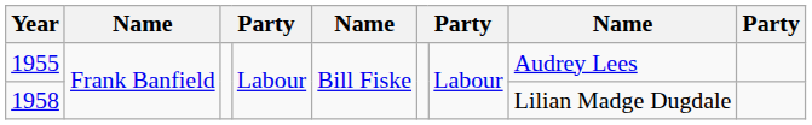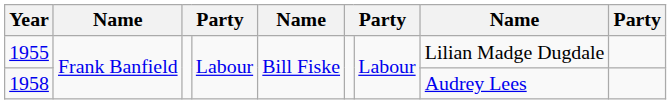 <table class="wikitable">
 <tr>
 <th>Year</th>
 <th>Name</th>
 <th colspan=2>Party</th>
 <th>Name</th>
 <th colspan=2>Party</th>
 <th>Name</th>
 <th colspan=2>Party</th>
 </tr>
 <tr>
 <td><a href='#'>1955</a></td>
 <td rowspan=2><a href='#'>Frank Banfield</a></td>
 <td rowspan=2 style="background-color: "></td>
 <td rowspan=2><a href='#'>Labour</a></td>
 <td rowspan=2><a href='#'>Bill Fiske</a></td>
 <td rowspan=2 style="background-color: "></td>
 <td rowspan=2><a href='#'>Labour</a></td>
-<td><a href='#'>Audrey Lees</a></td>
+<td>Lilian Madge Dugdale</td>
 <td></td>
 </tr>
 <tr>
 <td><a href='#'>1958</a></td>
-<td>Lilian Madge Dugdale</td>
+<td><a href='#'>Audrey Lees</a></td>
 <td></td>
 </tr>
 </table>
